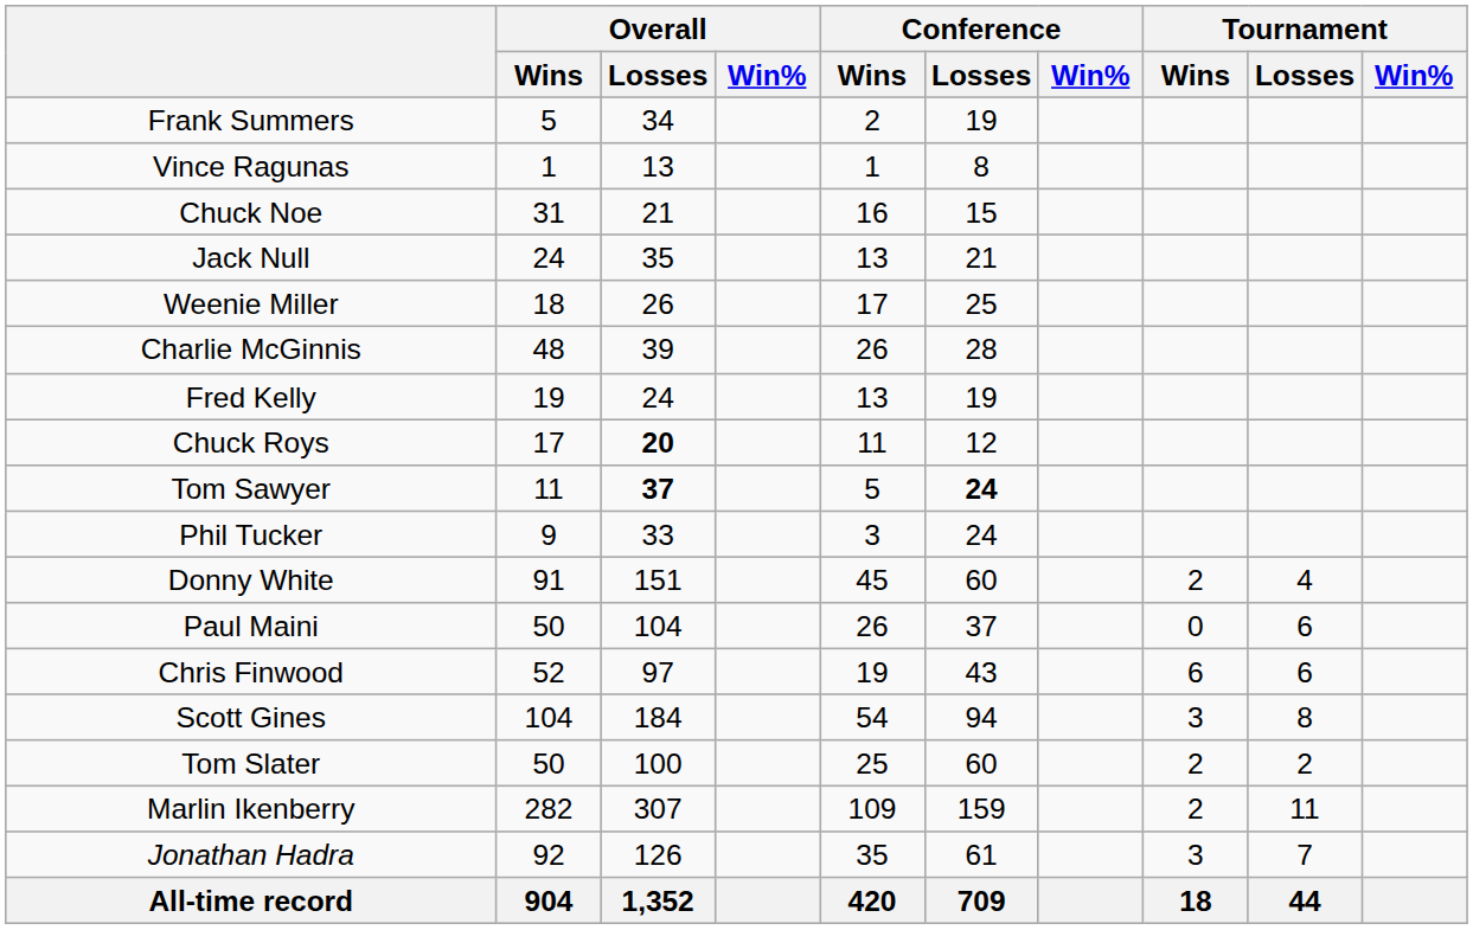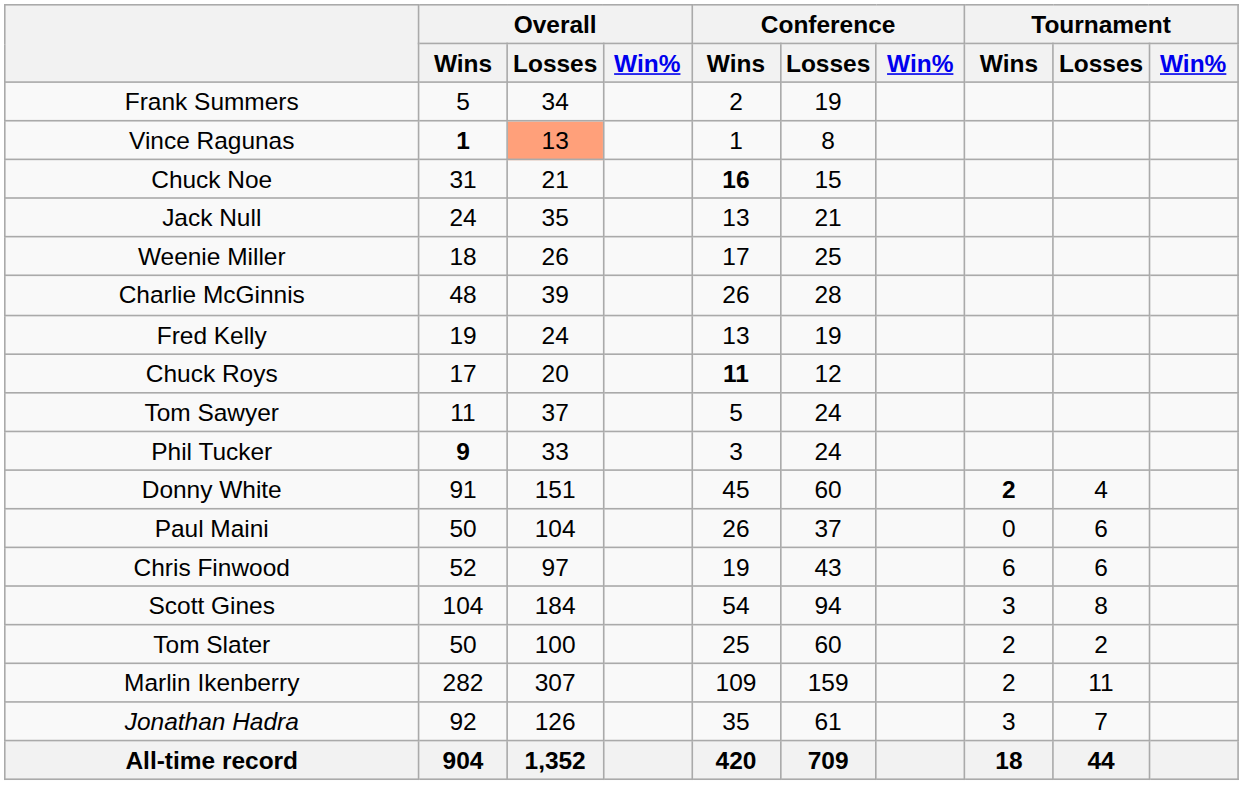 <table class="wikitable" style="text-align:center; font-size:95%">
 <tr>
 <th rowspan="2" style="width:250px;"></th>
 <th colspan="3">Overall</th>
 <th colspan="3">Conference</th>
 <th colspan="3">Tournament</th>
 </tr>
 <tr>
 <th width="48">Wins</th>
 <th width="48">Losses</th>
 <th width="48"><a href='#'>Win%</a></th>
 <th width="48">Wins</th>
 <th width="48">Losses</th>
 <th width="48"><a href='#'>Win%</a></th>
 <th width="48">Wins</th>
 <th width="48">Losses</th>
 <th width="48"><a href='#'>Win%</a></th>
 </tr>
 <tr>
 <td>Frank Summers</td>
 <td>5</td>
 <td>34</td>
 <td></td>
 <td>2</td>
 <td>19</td>
 <td></td>
 <td></td>
 <td></td>
 <td></td>
 </tr>
 <tr>
 <td>Vince Ragunas</td>
-<td>1</td>
-<td>13</td>
+<td><strong>1</strong></td>
+<td style="background: lightsalmon;">13</td>
 <td></td>
 <td>1</td>
 <td>8</td>
 <td></td>
 <td></td>
 <td></td>
 <td></td>
 </tr>
 <tr>
 <td>Chuck Noe</td>
 <td>31</td>
 <td>21</td>
 <td></td>
-<td>16</td>
+<td><strong>16</strong></td>
 <td>15</td>
 <td></td>
 <td></td>
 <td></td>
 <td></td>
 </tr>
 <tr>
 <td>Jack Null</td>
 <td>24</td>
 <td>35</td>
 <td></td>
 <td>13</td>
 <td>21</td>
 <td></td>
 <td></td>
 <td></td>
 <td></td>
 </tr>
 <tr>
 <td>Weenie Miller</td>
 <td>18</td>
 <td>26</td>
 <td></td>
 <td>17</td>
 <td>25</td>
 <td></td>
 <td></td>
 <td></td>
 <td></td>
 </tr>
 <tr>
 <td>Charlie McGinnis</td>
 <td>48</td>
 <td>39</td>
 <td></td>
 <td>26</td>
 <td>28</td>
 <td></td>
 <td></td>
 <td></td>
 <td></td>
 </tr>
 <tr>
 <td>Fred Kelly</td>
 <td>19</td>
 <td>24</td>
 <td></td>
 <td>13</td>
 <td>19</td>
 <td></td>
 <td></td>
 <td></td>
 <td></td>
 </tr>
 <tr>
 <td>Chuck Roys</td>
 <td>17</td>
-<td><strong>20</strong></td>
+<td>20</td>
 <td></td>
-<td>11</td>
+<td><strong>11</strong></td>
 <td>12</td>
 <td></td>
 <td></td>
 <td></td>
 <td></td>
 </tr>
 <tr>
 <td>Tom Sawyer</td>
 <td>11</td>
-<td><strong>37</strong></td>
+<td>37</td>
 <td></td>
 <td>5</td>
-<td><strong>24</strong></td>
+<td>24</td>
 <td></td>
 <td></td>
 <td></td>
 <td></td>
 </tr>
 <tr>
 <td>Phil Tucker</td>
-<td>9</td>
+<td><strong>9</strong></td>
 <td>33</td>
 <td></td>
 <td>3</td>
 <td>24</td>
 <td></td>
 <td></td>
 <td></td>
 <td></td>
 </tr>
 <tr>
 <td>Donny White</td>
 <td>91</td>
 <td>151</td>
 <td></td>
 <td>45</td>
 <td>60</td>
 <td></td>
-<td>2</td>
+<td><strong>2</strong></td>
 <td>4</td>
 <td></td>
 </tr>
 <tr>
 <td>Paul Maini</td>
 <td>50</td>
 <td>104</td>
 <td></td>
 <td>26</td>
 <td>37</td>
 <td></td>
 <td>0</td>
 <td>6</td>
 <td></td>
 </tr>
 <tr>
 <td>Chris Finwood</td>
 <td>52</td>
 <td>97</td>
 <td></td>
 <td>19</td>
 <td>43</td>
 <td></td>
 <td>6</td>
 <td>6</td>
 <td></td>
 </tr>
 <tr>
 <td>Scott Gines</td>
 <td>104</td>
 <td>184</td>
 <td></td>
 <td>54</td>
 <td>94</td>
 <td></td>
 <td>3</td>
 <td>8</td>
 <td></td>
 </tr>
 <tr>
 <td>Tom Slater</td>
 <td>50</td>
 <td>100</td>
 <td></td>
 <td>25</td>
 <td>60</td>
 <td></td>
 <td>2</td>
 <td>2</td>
 <td></td>
 </tr>
 <tr>
 <td>Marlin Ikenberry</td>
 <td>282</td>
 <td>307</td>
 <td></td>
 <td>109</td>
 <td>159</td>
 <td></td>
 <td>2</td>
 <td>11</td>
 <td></td>
 </tr>
 <tr>
 <td><em>Jonathan Hadra</em></td>
 <td>92</td>
 <td>126</td>
 <td></td>
 <td>35</td>
 <td>61</td>
 <td></td>
 <td>3</td>
 <td>7</td>
 <td></td>
 </tr>
 <tr>
 <th>All-time record</th>
 <th>904</th>
 <th>1,352</th>
 <th></th>
 <th>420</th>
 <th>709</th>
 <th></th>
 <th>18</th>
 <th>44</th>
 <th></th>
 </tr>
 </table>
